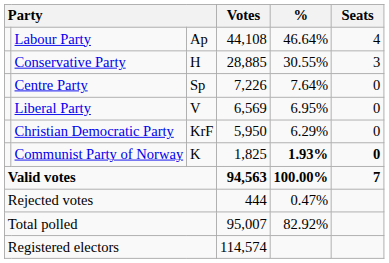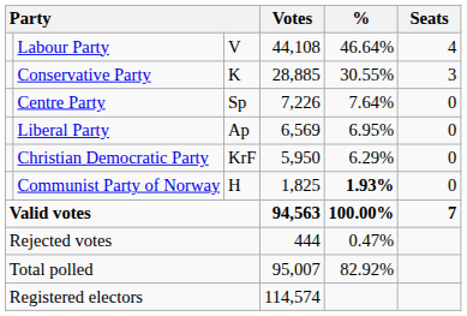 <table class="wikitable" border="1" style="text-align:right;">
 <tr>
 <th style="text-align:left;" colspan=3>Party</th>
 <th align=center width="50">Votes</th>
 <th align=center width="50">%</th>
 <th align=center width="50">Seats</th>
 </tr>
 <tr>
 <td style="color:inherit;background:"></td>
 <td align=left><a href='#'>Labour Party</a></td>
-<td align=left>Ap</td>
+<td align=left>V</td>
 <td>44,108</td>
 <td>46.64%</td>
 <td>4</td>
 </tr>
 <tr>
 <td style="color:inherit;background:"></td>
 <td align=left><a href='#'>Conservative Party</a></td>
-<td align=left>H</td>
+<td align=left>K</td>
 <td>28,885</td>
 <td>30.55%</td>
 <td>3</td>
 </tr>
 <tr>
 <td style="color:inherit;background:"></td>
 <td align=left><a href='#'>Centre Party</a></td>
 <td align=left>Sp</td>
 <td>7,226</td>
 <td>7.64%</td>
 <td>0</td>
 </tr>
 <tr>
 <td style="color:inherit;background:"></td>
 <td align=left><a href='#'>Liberal Party</a></td>
-<td align=left>V</td>
+<td align=left>Ap</td>
 <td>6,569</td>
 <td>6.95%</td>
 <td>0</td>
 </tr>
 <tr>
 <td style="color:inherit;background:"></td>
 <td align=left><a href='#'>Christian Democratic Party</a></td>
 <td align=left>KrF</td>
 <td>5,950</td>
 <td>6.29%</td>
 <td>0</td>
 </tr>
 <tr>
 <td style="color:inherit;background:"></td>
 <td align=left><a href='#'>Communist Party of Norway</a></td>
-<td align=left>K</td>
+<td align=left>H</td>
 <td>1,825</td>
 <td><strong>1.93%</strong></td>
-<td><strong>0</strong></td>
+<td>0</td>
 </tr>
 <tr style="font-weight:bold">
 <td align=left colspan=3>Valid votes</td>
 <td>94,563</td>
 <td>100.00%</td>
 <td>7</td>
 </tr>
 <tr>
 <td align=left colspan=3>Rejected votes</td>
 <td>444</td>
 <td>0.47%</td>
 <td></td>
 </tr>
 <tr>
 <td align=left colspan=3>Total polled</td>
 <td>95,007</td>
 <td>82.92%</td>
 <td></td>
 </tr>
 <tr>
 <td align=left colspan=3>Registered electors</td>
 <td>114,574</td>
 <td></td>
 <td></td>
 </tr>
 </table>
